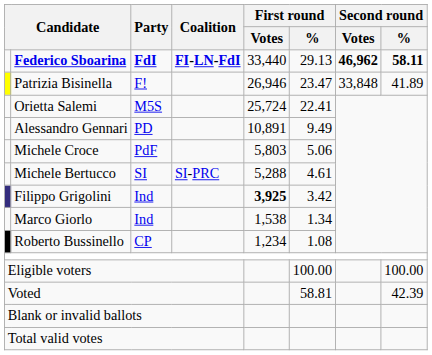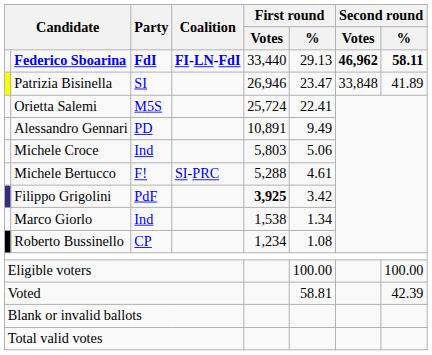 <table class="wikitable centre">
 <tr>
 <th scope="col" rowspan=2 colspan=2>Candidate</th>
 <th scope="col" rowspan=2 colspan=1>Party</th>
 <th scope="col" rowspan=2 colspan=1>Coalition</th>
 <th scope="col" colspan=2>First round</th>
 <th scope="col" colspan=2>Second round</th>
 </tr>
 <tr>
 <th scope="col">Votes</th>
 <th scope="col">%</th>
 <th scope="col">Votes</th>
 <th scope="col">%</th>
 </tr>
 <tr>
 <td></td>
 <td><strong><a href='#'>Federico Sboarina</a></strong></td>
 <td><strong><a href='#'>FdI</a></strong></td>
 <td><strong><a href='#'>FI</a>-<a href='#'>LN</a>-<a href='#'>FdI</a></strong></td>
 <td style="text-align: right">33,440</td>
 <td style="text-align: right">29.13</td>
 <td style="text-align: right"><strong>46,962</strong></td>
 <td style="text-align: right"><strong>58.11</strong></td>
 </tr>
 <tr>
 <td bgcolor="yellow"></td>
 <td>Patrizia Bisinella</td>
-<td><a href='#'>F!</a></td>
+<td><a href='#'>SI</a></td>
 <td></td>
 <td style="text-align: right">26,946</td>
 <td style="text-align: right">23.47</td>
 <td style="text-align: right">33,848</td>
 <td style="text-align: right">41.89</td>
 </tr>
 <tr>
 <td></td>
 <td>Orietta Salemi</td>
 <td><a href='#'>M5S</a></td>
 <td></td>
 <td style="text-align: right">25,724</td>
 <td style="text-align: right">22.41</td>
 </tr>
 <tr>
 <td></td>
 <td>Alessandro Gennari</td>
 <td><a href='#'>PD</a></td>
 <td></td>
 <td style="text-align: right">10,891</td>
 <td style="text-align: right">9.49</td>
 </tr>
 <tr>
 <td bgcolor=""></td>
 <td>Michele Croce</td>
-<td><a href='#'>PdF</a></td>
+<td><a href='#'>Ind</a></td>
 <td></td>
 <td style="text-align: right">5,803</td>
 <td style="text-align: right">5.06</td>
 </tr>
 <tr>
 <td></td>
 <td>Michele Bertucco</td>
-<td><a href='#'>SI</a></td>
+<td><a href='#'>F!</a></td>
 <td><a href='#'>SI</a>-<a href='#'>PRC</a></td>
 <td style="text-align: right">5,288</td>
 <td style="text-align: right">4.61</td>
 </tr>
 <tr>
 <td bgcolor="#342D7E"></td>
 <td>Filippo Grigolini</td>
-<td><a href='#'>Ind</a></td>
+<td><a href='#'>PdF</a></td>
 <td></td>
 <td style="text-align: right"><strong>3,925</strong></td>
 <td style="text-align: right">3.42</td>
 </tr>
 <tr>
 <td bgcolor=""></td>
 <td>Marco Giorlo</td>
 <td><a href='#'>Ind</a></td>
 <td></td>
 <td style="text-align: right">1,538</td>
 <td style="text-align: right">1.34</td>
 </tr>
 <tr>
 <td bgcolor="black"></td>
 <td>Roberto Bussinello</td>
 <td><a href='#'>CP</a></td>
 <td></td>
 <td style="text-align: right">1,234</td>
 <td style="text-align: right">1.08</td>
 </tr>
 <tr bgcolor=white>
 <td colspan=8></td>
 </tr>
 <tr>
 <td colspan=4>Eligible voters</td>
 <td style="text-align: right"></td>
 <td style="text-align: right">100.00</td>
 <td style="text-align: right"></td>
 <td style="text-align: right">100.00</td>
 </tr>
 <tr>
 <td colspan=4>Voted</td>
 <td style="text-align: right"></td>
 <td style="text-align: right">58.81</td>
 <td style="text-align: right"></td>
 <td style="text-align: right">42.39</td>
 </tr>
 <tr>
 <td colspan=4>Blank or invalid ballots</td>
 <td style="text-align: right"></td>
 <td style="text-align: right"></td>
 <td style="text-align: right"></td>
 <td style="text-align: right"></td>
 </tr>
 <tr>
 <td colspan=4>Total valid votes</td>
 <td style="text-align: right"></td>
 <td style="text-align: right"></td>
 <td style="text-align: right"></td>
 <td style="text-align: right"></td>
 </tr>
 </table>
